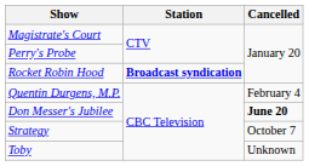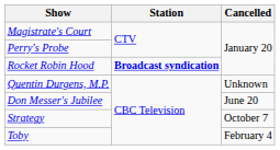 <table class="wikitable">
 <tr>
 <th>Show</th>
 <th>Station</th>
 <th>Cancelled</th>
 </tr>
 <tr>
 <td><em><a href='#'>Magistrate's Court</a></em></td>
 <td rowspan="2"><a href='#'>CTV</a></td>
 <td rowspan="3">January 20</td>
 </tr>
 <tr>
 <td><em><a href='#'>Perry's Probe</a></em></td>
 </tr>
 <tr>
 <td><em><a href='#'>Rocket Robin Hood</a></em></td>
 <td><strong><a href='#'>Broadcast syndication</a></strong></td>
 </tr>
 <tr>
 <td><em><a href='#'>Quentin Durgens, M.P.</a></em></td>
 <td rowspan="4"><a href='#'>CBC Television</a></td>
-<td>February 4</td>
+<td>Unknown</td>
 </tr>
 <tr>
 <td><em><a href='#'>Don Messer's Jubilee</a></em></td>
-<td><strong>June 20</strong></td>
+<td>June 20</td>
 </tr>
 <tr>
 <td><em><a href='#'>Strategy</a></em></td>
 <td>October 7</td>
 </tr>
 <tr>
 <td><em><a href='#'>Toby</a></em></td>
-<td>Unknown</td>
+<td>February 4</td>
 </tr>
 </table>
